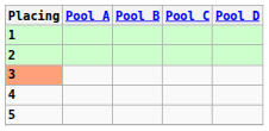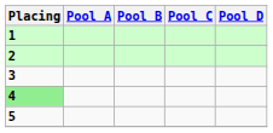 <table class=wikitable style="border:1px solid #AAAAAA;">
 <tr>
 <th>Placing</th>
 <th><a href='#'>Pool A</a></th>
 <th><a href='#'>Pool B</a></th>
 <th><a href='#'>Pool C</a></th>
 <th><a href='#'>Pool D</a></th>
 </tr>
 <tr style="background: #ccffcc;">
 <td><strong>1</strong></td>
 <td></td>
 <td></td>
 <td></td>
 <td></td>
 </tr>
 <tr style="background: #ccffcc;">
 <td><strong>2</strong></td>
 <td></td>
 <td></td>
 <td></td>
 <td></td>
 </tr>
 <tr>
-<td style="background: lightsalmon;"><strong>3</strong></td>
+<td><strong>3</strong></td>
 <td></td>
 <td></td>
 <td></td>
 <td></td>
 </tr>
 <tr>
-<td><strong>4</strong></td>
+<td style="background: lightgreen;"><strong>4</strong></td>
 <td></td>
 <td></td>
 <td></td>
 <td></td>
 </tr>
 <tr>
 <td><strong>5</strong></td>
 <td> </td>
 <td></td>
 <td></td>
 <td> </td>
 </tr>
 <tr>
 </tr>
 </table>
